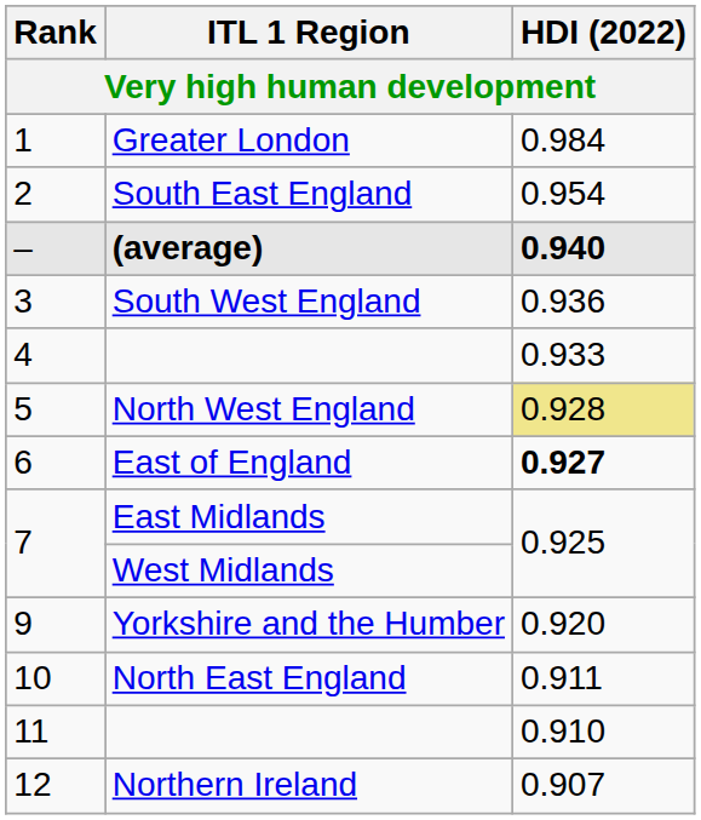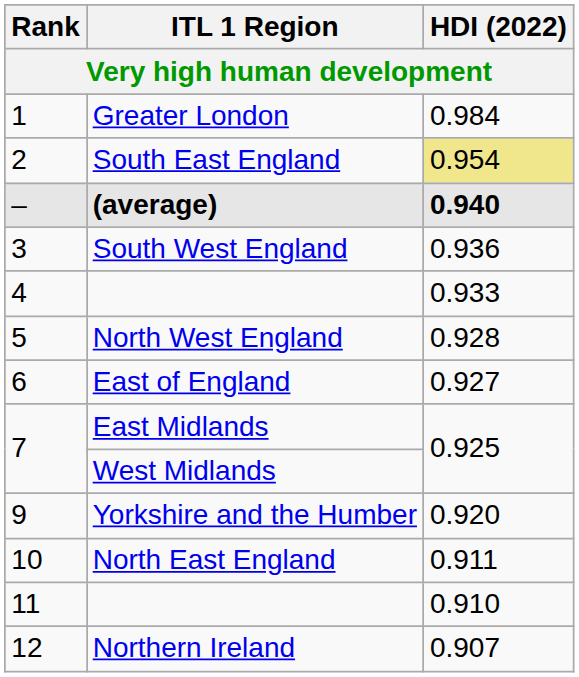 <table class="wikitable sortable">
 <tr>
 <th>Rank</th>
 <th>ITL 1 Region</th>
 <th>HDI (2022)</th>
 </tr>
 <tr>
 <th colspan="3" style="color:#090;">Very high human development</th>
 </tr>
 <tr>
 <td>1</td>
 <td> <a href='#'>Greater London</a></td>
 <td>0.984</td>
 </tr>
 <tr>
 <td>2</td>
 <td> <a href='#'>South East England</a></td>
-<td>0.954</td>
+<td style="background: khaki;">0.954</td>
 </tr>
 <tr style="background:#e6e6e6">
 <td>–</td>
 <td><strong> (average)</strong></td>
 <td><strong>0.940</strong></td>
 </tr>
 <tr>
 <td>3</td>
 <td> <a href='#'>South West England</a></td>
 <td>0.936</td>
 </tr>
 <tr>
 <td>4</td>
 <td></td>
 <td>0.933</td>
 </tr>
 <tr>
 <td>5</td>
 <td> <a href='#'>North West England</a></td>
-<td style="background: khaki;">0.928</td>
+<td>0.928</td>
 </tr>
 <tr>
 <td>6</td>
 <td> <a href='#'>East of England</a></td>
-<td><strong>0.927</strong></td>
+<td>0.927</td>
 </tr>
 <tr>
 <td rowspan="2">7</td>
 <td>  <a href='#'>East Midlands</a></td>
 <td rowspan="2">0.925</td>
 </tr>
 <tr>
 <td> <a href='#'>West Midlands</a></td>
 </tr>
 <tr>
 <td>9</td>
 <td> <a href='#'>Yorkshire and the Humber</a></td>
 <td>0.920</td>
 </tr>
 <tr>
 <td>10</td>
 <td> <a href='#'>North East England</a></td>
 <td>0.911</td>
 </tr>
 <tr>
 <td>11</td>
 <td></td>
 <td>0.910</td>
 </tr>
 <tr>
 <td>12</td>
 <td> <a href='#'>Northern Ireland</a></td>
 <td>0.907</td>
 </tr>
 </table>
